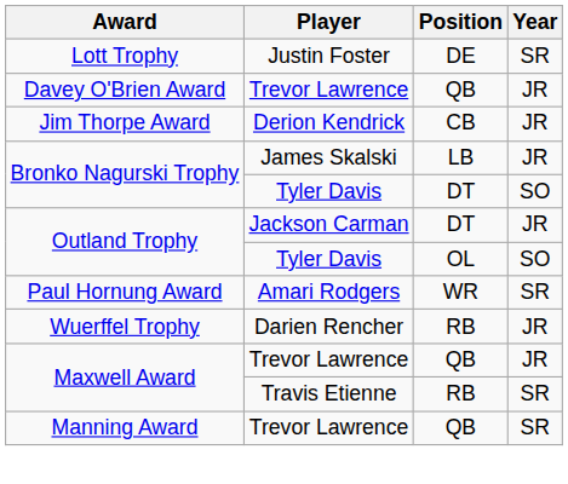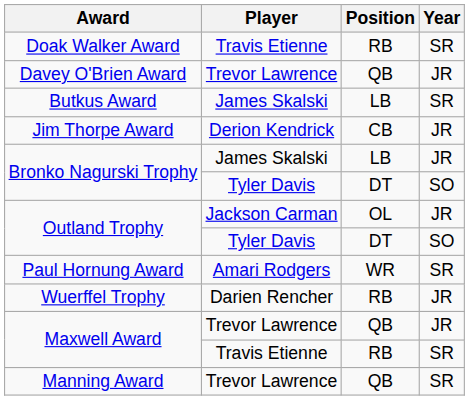 <table class="wikitable" style="text-align:center;">
 <tr>
 <th>Award</th>
 <th>Player</th>
 <th>Position</th>
 <th>Year</th>
 </tr>
 <tr>
-<td><a href='#'>Lott Trophy</a></td>
-<td>Justin Foster</td>
-<td>DE</td>
+<td><a href='#'>Doak Walker Award</a></td>
+<td><a href='#'>Travis Etienne</a></td>
+<td>RB</td>
 <td>SR</td>
 </tr>
 <tr>
 <td><a href='#'>Davey O'Brien Award</a></td>
 <td><a href='#'>Trevor Lawrence</a></td>
 <td>QB</td>
 <td>JR</td>
+</tr>
+<tr>
+<td><a href='#'>Butkus Award</a></td>
+<td><a href='#'>James Skalski</a></td>
+<td>LB</td>
+<td>SR</td>
 </tr>
 <tr>
 <td><a href='#'>Jim Thorpe Award</a></td>
 <td><a href='#'>Derion Kendrick</a></td>
 <td>CB</td>
 <td>JR</td>
 </tr>
 <tr>
 <td rowspan=2><a href='#'>Bronko Nagurski Trophy</a></td>
 <td>James Skalski</td>
 <td>LB</td>
 <td>JR</td>
 </tr>
 <tr>
 <td><a href='#'>Tyler Davis</a></td>
 <td>DT</td>
 <td>SO</td>
 </tr>
 <tr>
 <td rowspan=2><a href='#'>Outland Trophy</a></td>
 <td><a href='#'>Jackson Carman</a></td>
-<td>DT</td>
+<td>OL</td>
 <td>JR</td>
 </tr>
 <tr>
 <td><a href='#'>Tyler Davis</a></td>
-<td>OL</td>
+<td>DT</td>
 <td>SO</td>
 </tr>
 <tr>
 <td><a href='#'>Paul Hornung Award</a></td>
 <td><a href='#'>Amari Rodgers</a></td>
 <td>WR</td>
 <td>SR</td>
 </tr>
 <tr>
 <td><a href='#'>Wuerffel Trophy</a></td>
 <td>Darien Rencher</td>
 <td>RB</td>
 <td>JR</td>
 </tr>
 <tr>
 <td rowspan=2><a href='#'>Maxwell Award</a></td>
 <td>Trevor Lawrence</td>
 <td>QB</td>
 <td>JR</td>
 </tr>
 <tr>
 <td>Travis Etienne</td>
 <td>RB</td>
 <td>SR</td>
 </tr>
 <tr>
 <td><a href='#'>Manning Award</a></td>
 <td>Trevor Lawrence</td>
 <td>QB</td>
 <td>SR</td>
 </tr>
 </table>
